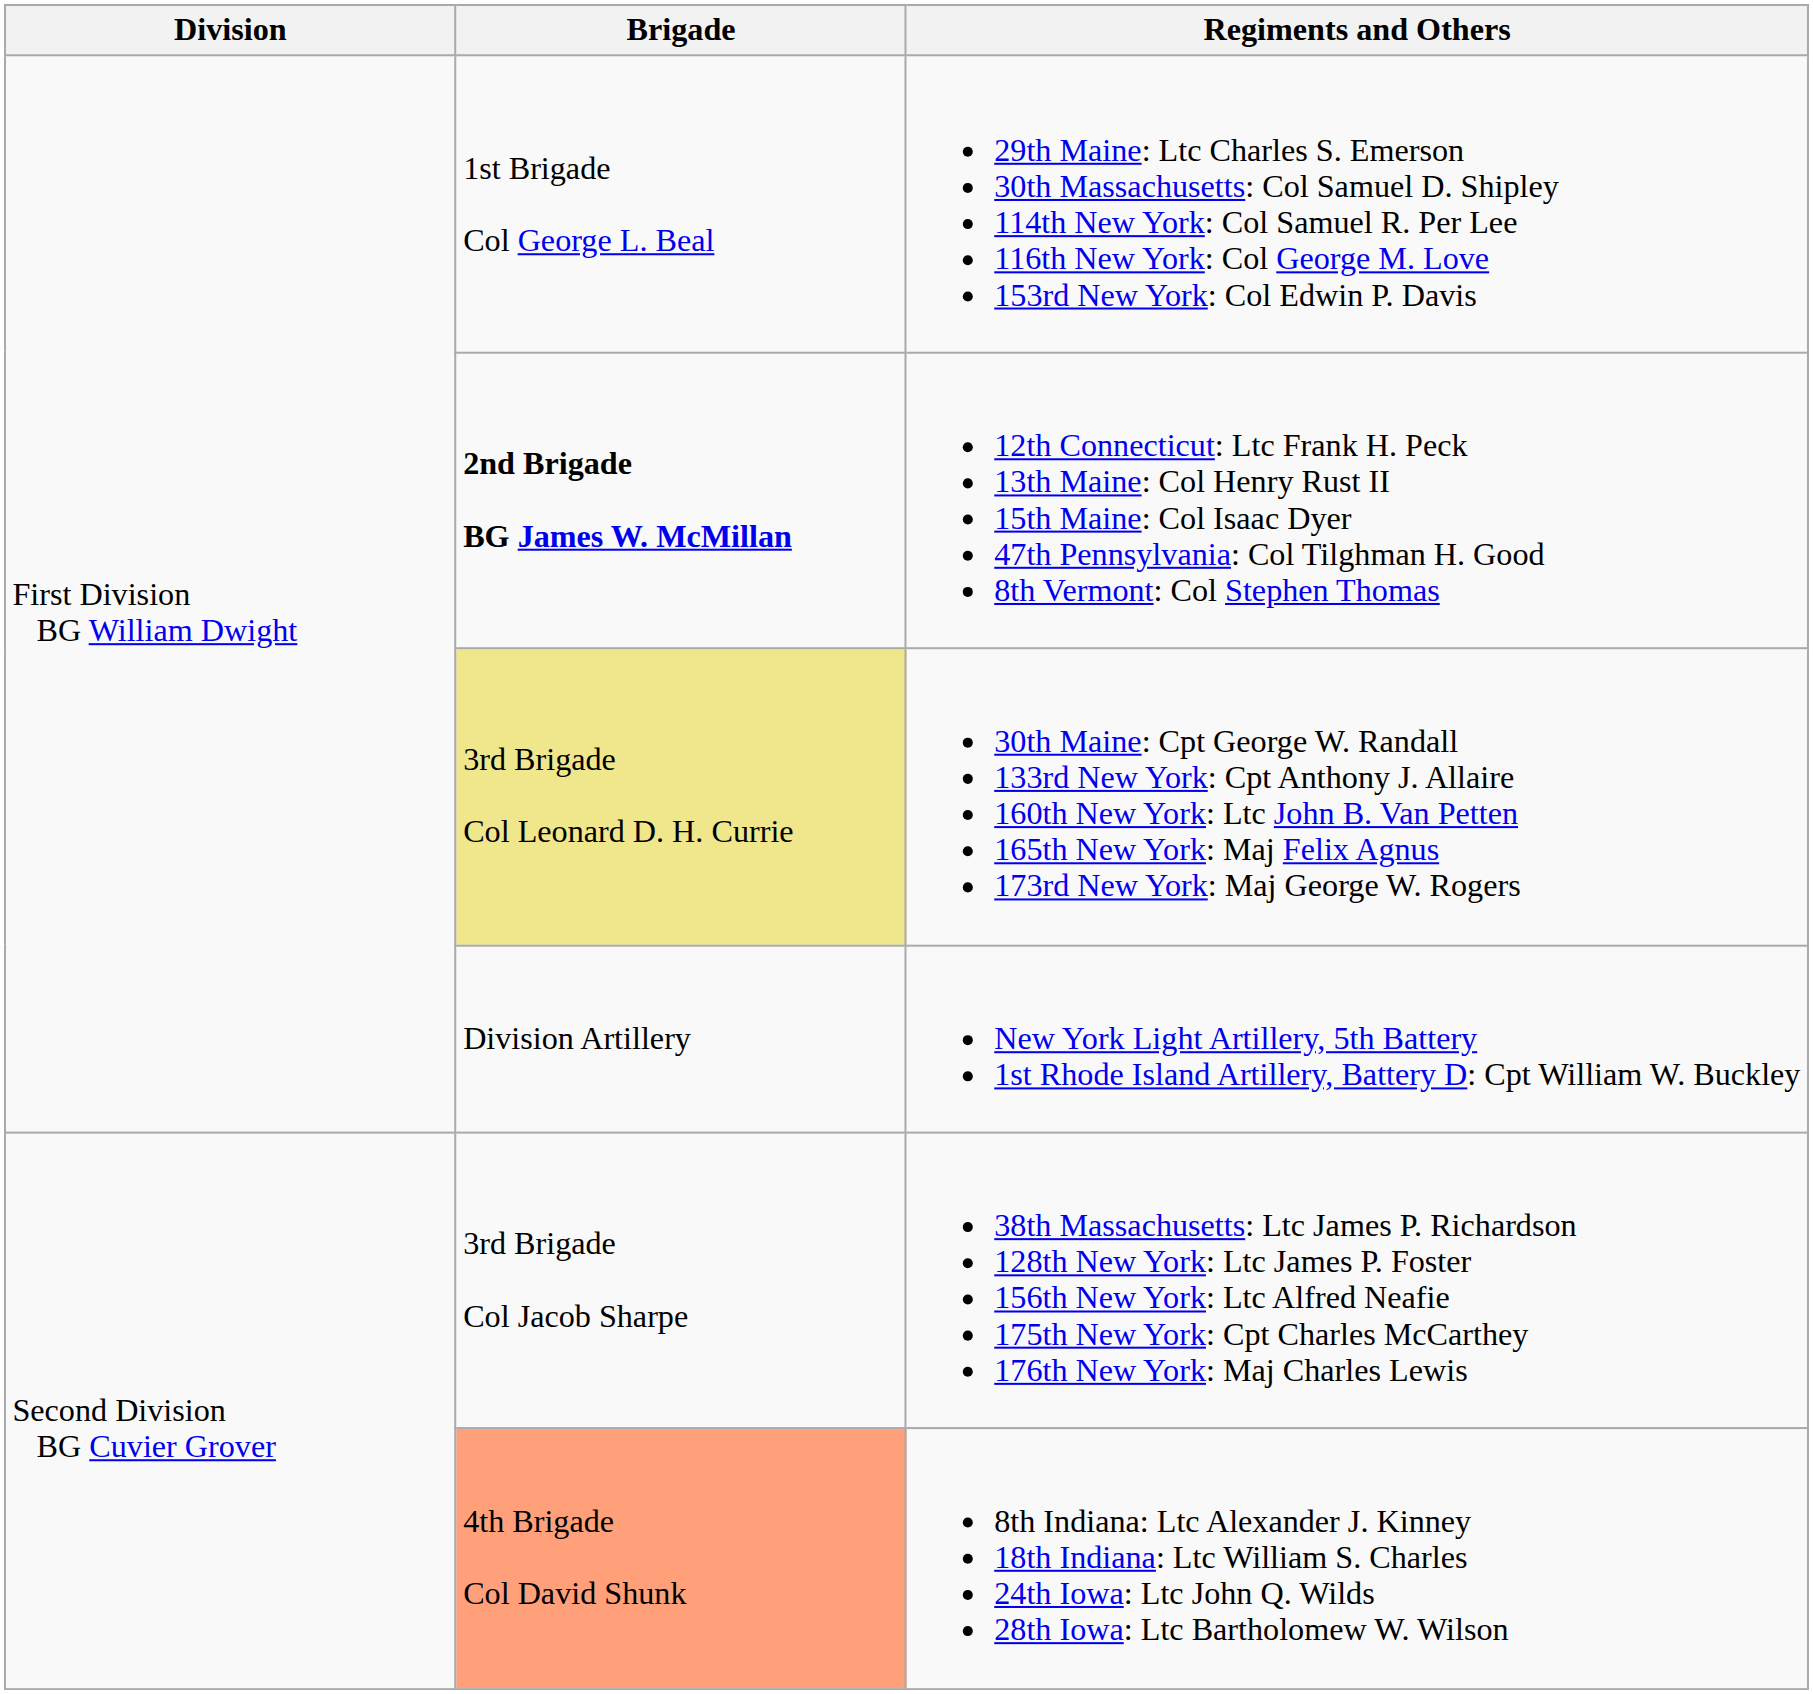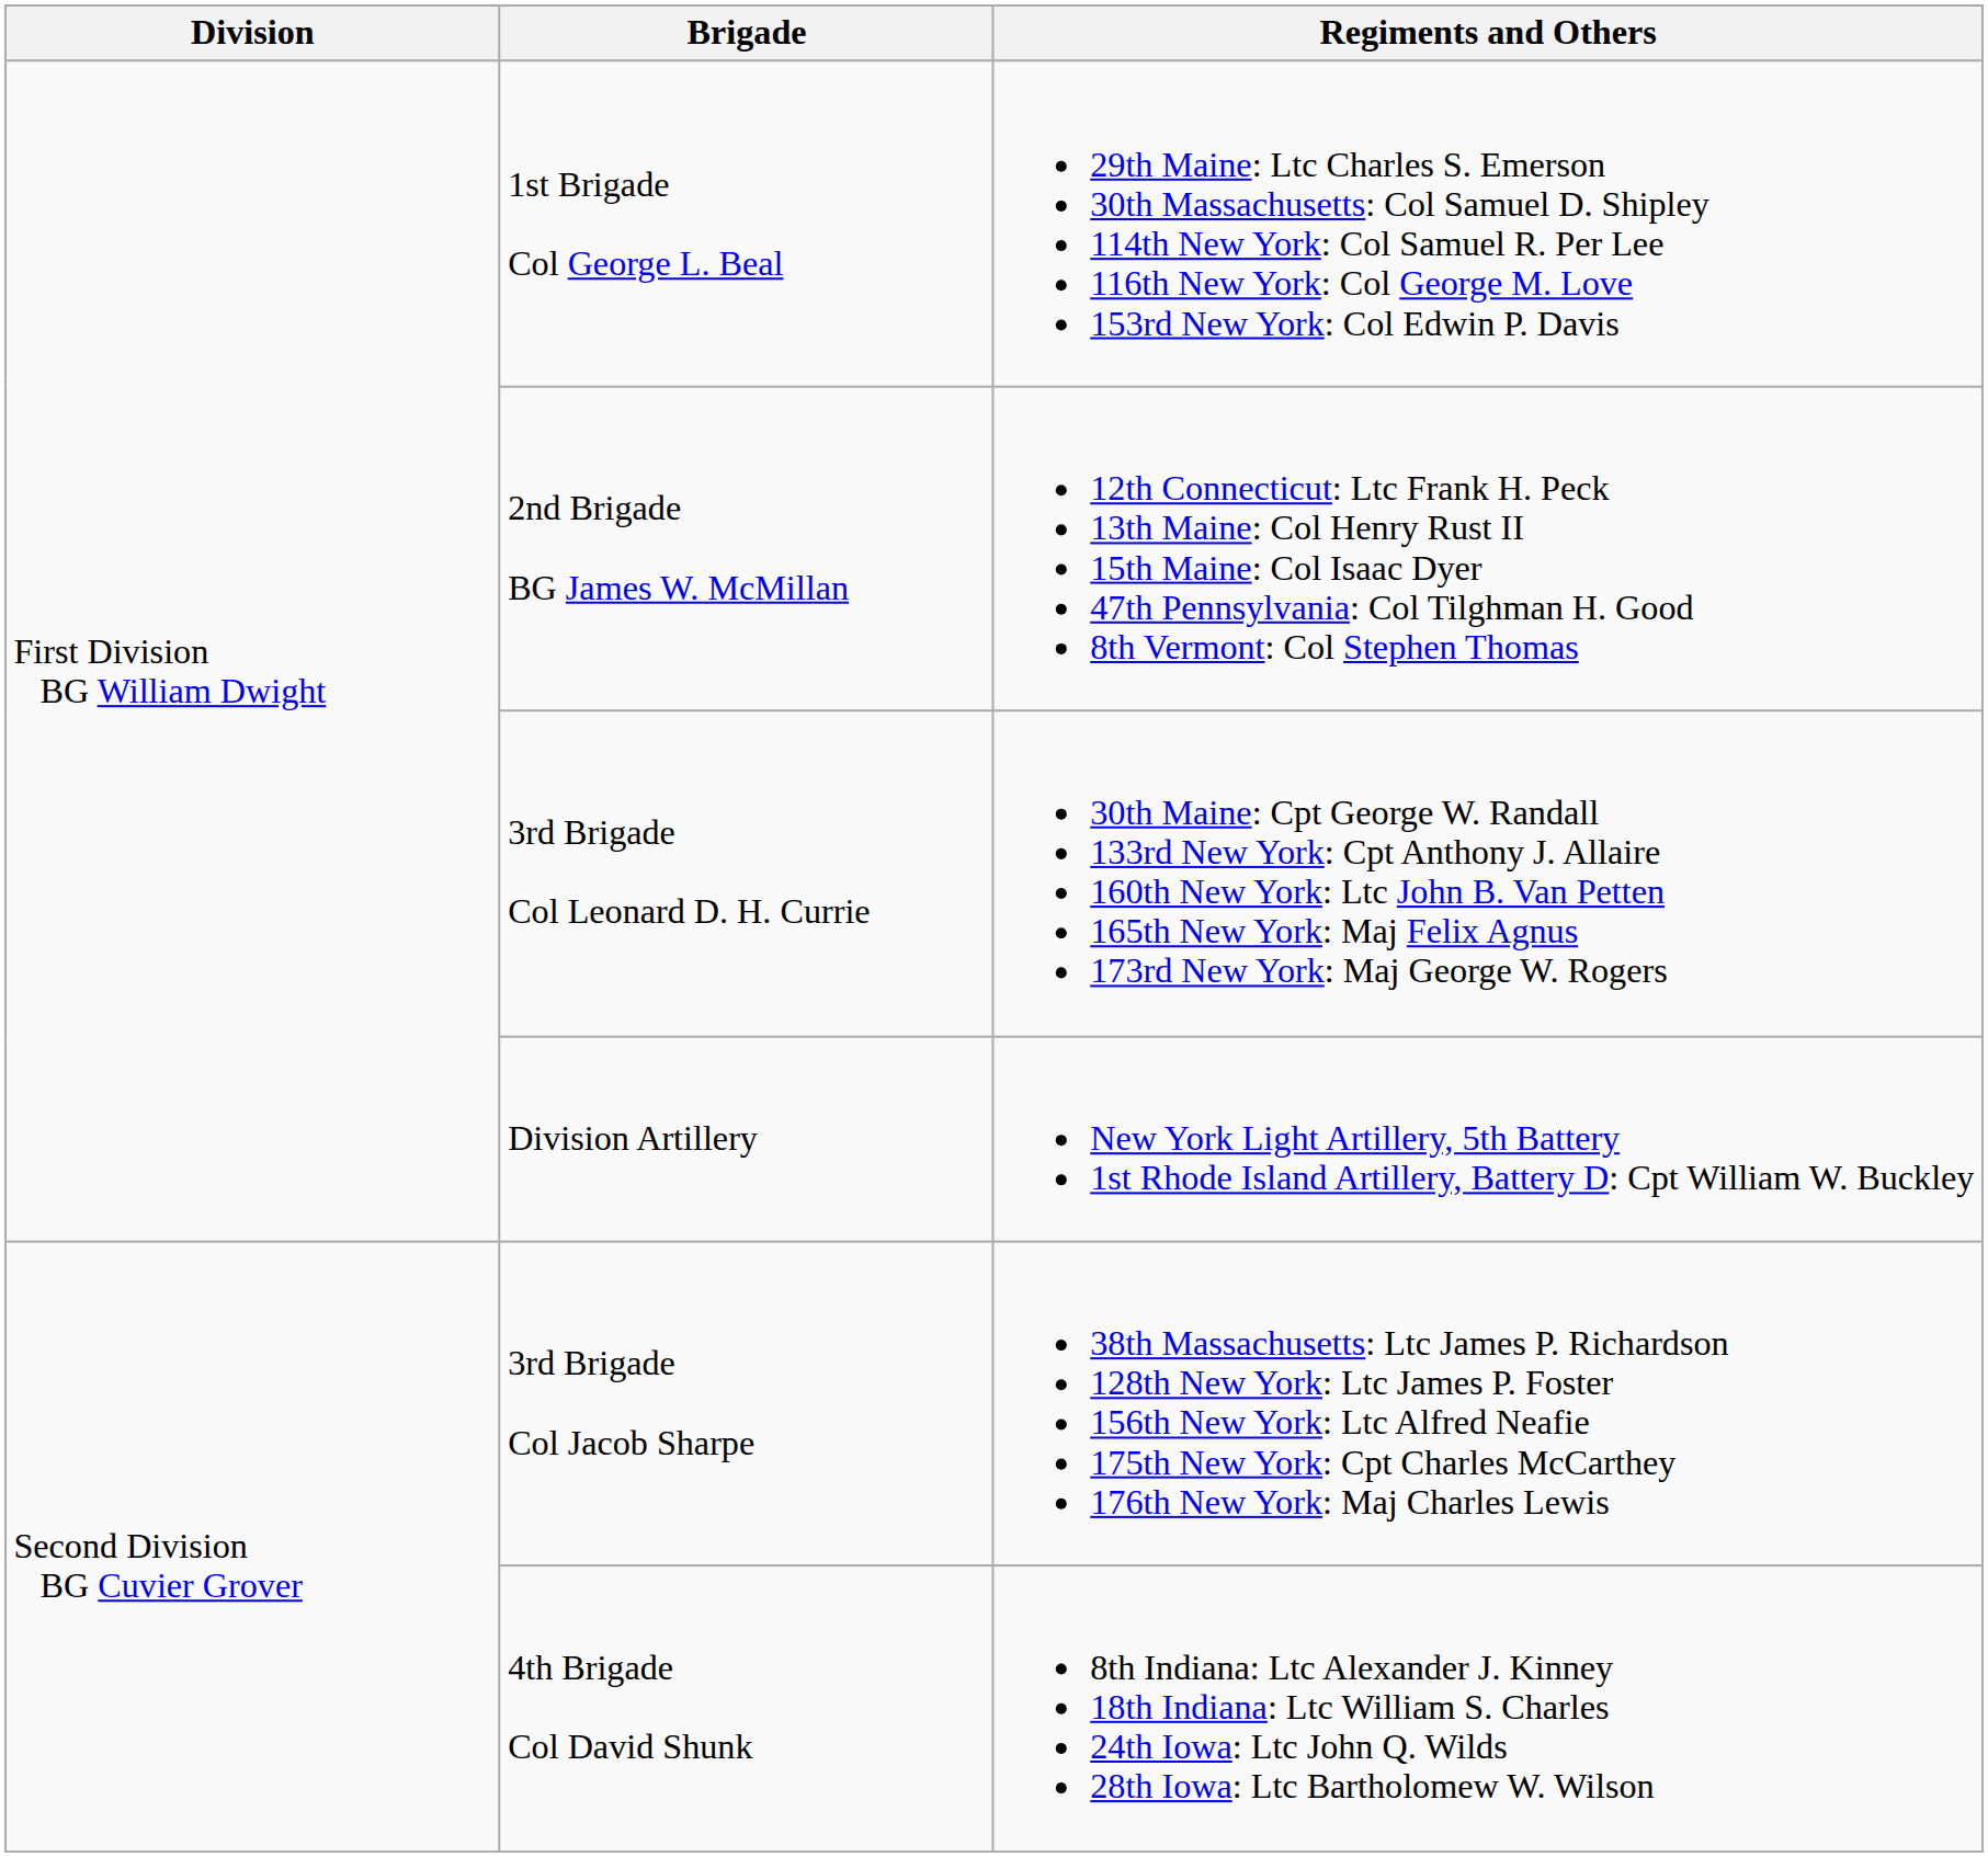 <table class="wikitable">
 <tr>
 <th width=25%>Division</th>
 <th width=25%>Brigade</th>
 <th>Regiments and Others</th>
 </tr>
 <tr>
 <td rowspan=4><br>First Division <br>   BG <a href='#'>William Dwight</a></td>
 <td>1st Brigade<br><br> Col <a href='#'>George L. Beal</a></td>
 <td><br><ul><li><a href='#'>29th Maine</a>: Ltc Charles S. Emerson</li><li><a href='#'>30th Massachusetts</a>: Col Samuel D. Shipley</li><li><a href='#'>114th New York</a>: Col Samuel R. Per Lee</li><li><a href='#'>116th New York</a>: Col <a href='#'>George M. Love</a></li><li><a href='#'>153rd New York</a>: Col Edwin P. Davis</li></ul></td>
 </tr>
 <tr>
-<td><strong>2nd Brigade<br><br> BG <a href='#'>James W. McMillan</a></strong></td>
+<td>2nd Brigade<br><br> BG <a href='#'>James W. McMillan</a></td>
 <td><br><ul><li><a href='#'>12th Connecticut</a>: Ltc Frank H. Peck</li><li><a href='#'>13th Maine</a>: Col Henry Rust II</li><li><a href='#'>15th Maine</a>: Col Isaac Dyer</li><li><a href='#'>47th Pennsylvania</a>: Col Tilghman H. Good</li><li><a href='#'>8th Vermont</a>: Col <a href='#'>Stephen Thomas</a></li></ul></td>
 </tr>
 <tr>
-<td style="background: khaki;">3rd Brigade<br><br> Col Leonard D. H. Currie</td>
+<td>3rd Brigade<br><br> Col Leonard D. H. Currie</td>
 <td><br><ul><li><a href='#'>30th Maine</a>: Cpt George W. Randall</li><li><a href='#'>133rd New York</a>: Cpt Anthony J. Allaire</li><li><a href='#'>160th New York</a>: Ltc <a href='#'>John B. Van Petten</a></li><li><a href='#'>165th New York</a>: Maj <a href='#'>Felix Agnus</a></li><li><a href='#'>173rd New York</a>: Maj George W. Rogers</li></ul></td>
 </tr>
 <tr>
 <td>Division Artillery</td>
 <td><br><ul><li><a href='#'>New York Light Artillery, 5th Battery</a></li><li><a href='#'>1st Rhode Island Artillery, Battery D</a>: Cpt William W. Buckley</li></ul></td>
 </tr>
 <tr>
 <td rowspan=2><br>Second Division <br>   BG <a href='#'>Cuvier Grover</a></td>
 <td>3rd Brigade<br><br> Col Jacob Sharpe</td>
 <td><br><ul><li><a href='#'>38th Massachusetts</a>: Ltc James P. Richardson</li><li><a href='#'>128th New York</a>: Ltc James P. Foster</li><li><a href='#'>156th New York</a>: Ltc Alfred Neafie</li><li><a href='#'>175th New York</a>: Cpt Charles McCarthey</li><li><a href='#'>176th New York</a>: Maj Charles Lewis</li></ul></td>
 </tr>
 <tr>
-<td style="background: lightsalmon;">4th Brigade<br><br> Col David Shunk</td>
+<td>4th Brigade<br><br> Col David Shunk</td>
 <td><br><ul><li>8th Indiana: Ltc Alexander J. Kinney</li><li><a href='#'>18th Indiana</a>: Ltc William S. Charles</li><li><a href='#'>24th Iowa</a>: Ltc John Q. Wilds</li><li><a href='#'>28th Iowa</a>: Ltc Bartholomew W. Wilson</li></ul></td>
 </tr>
 <tr>
 </tr>
 </table>
